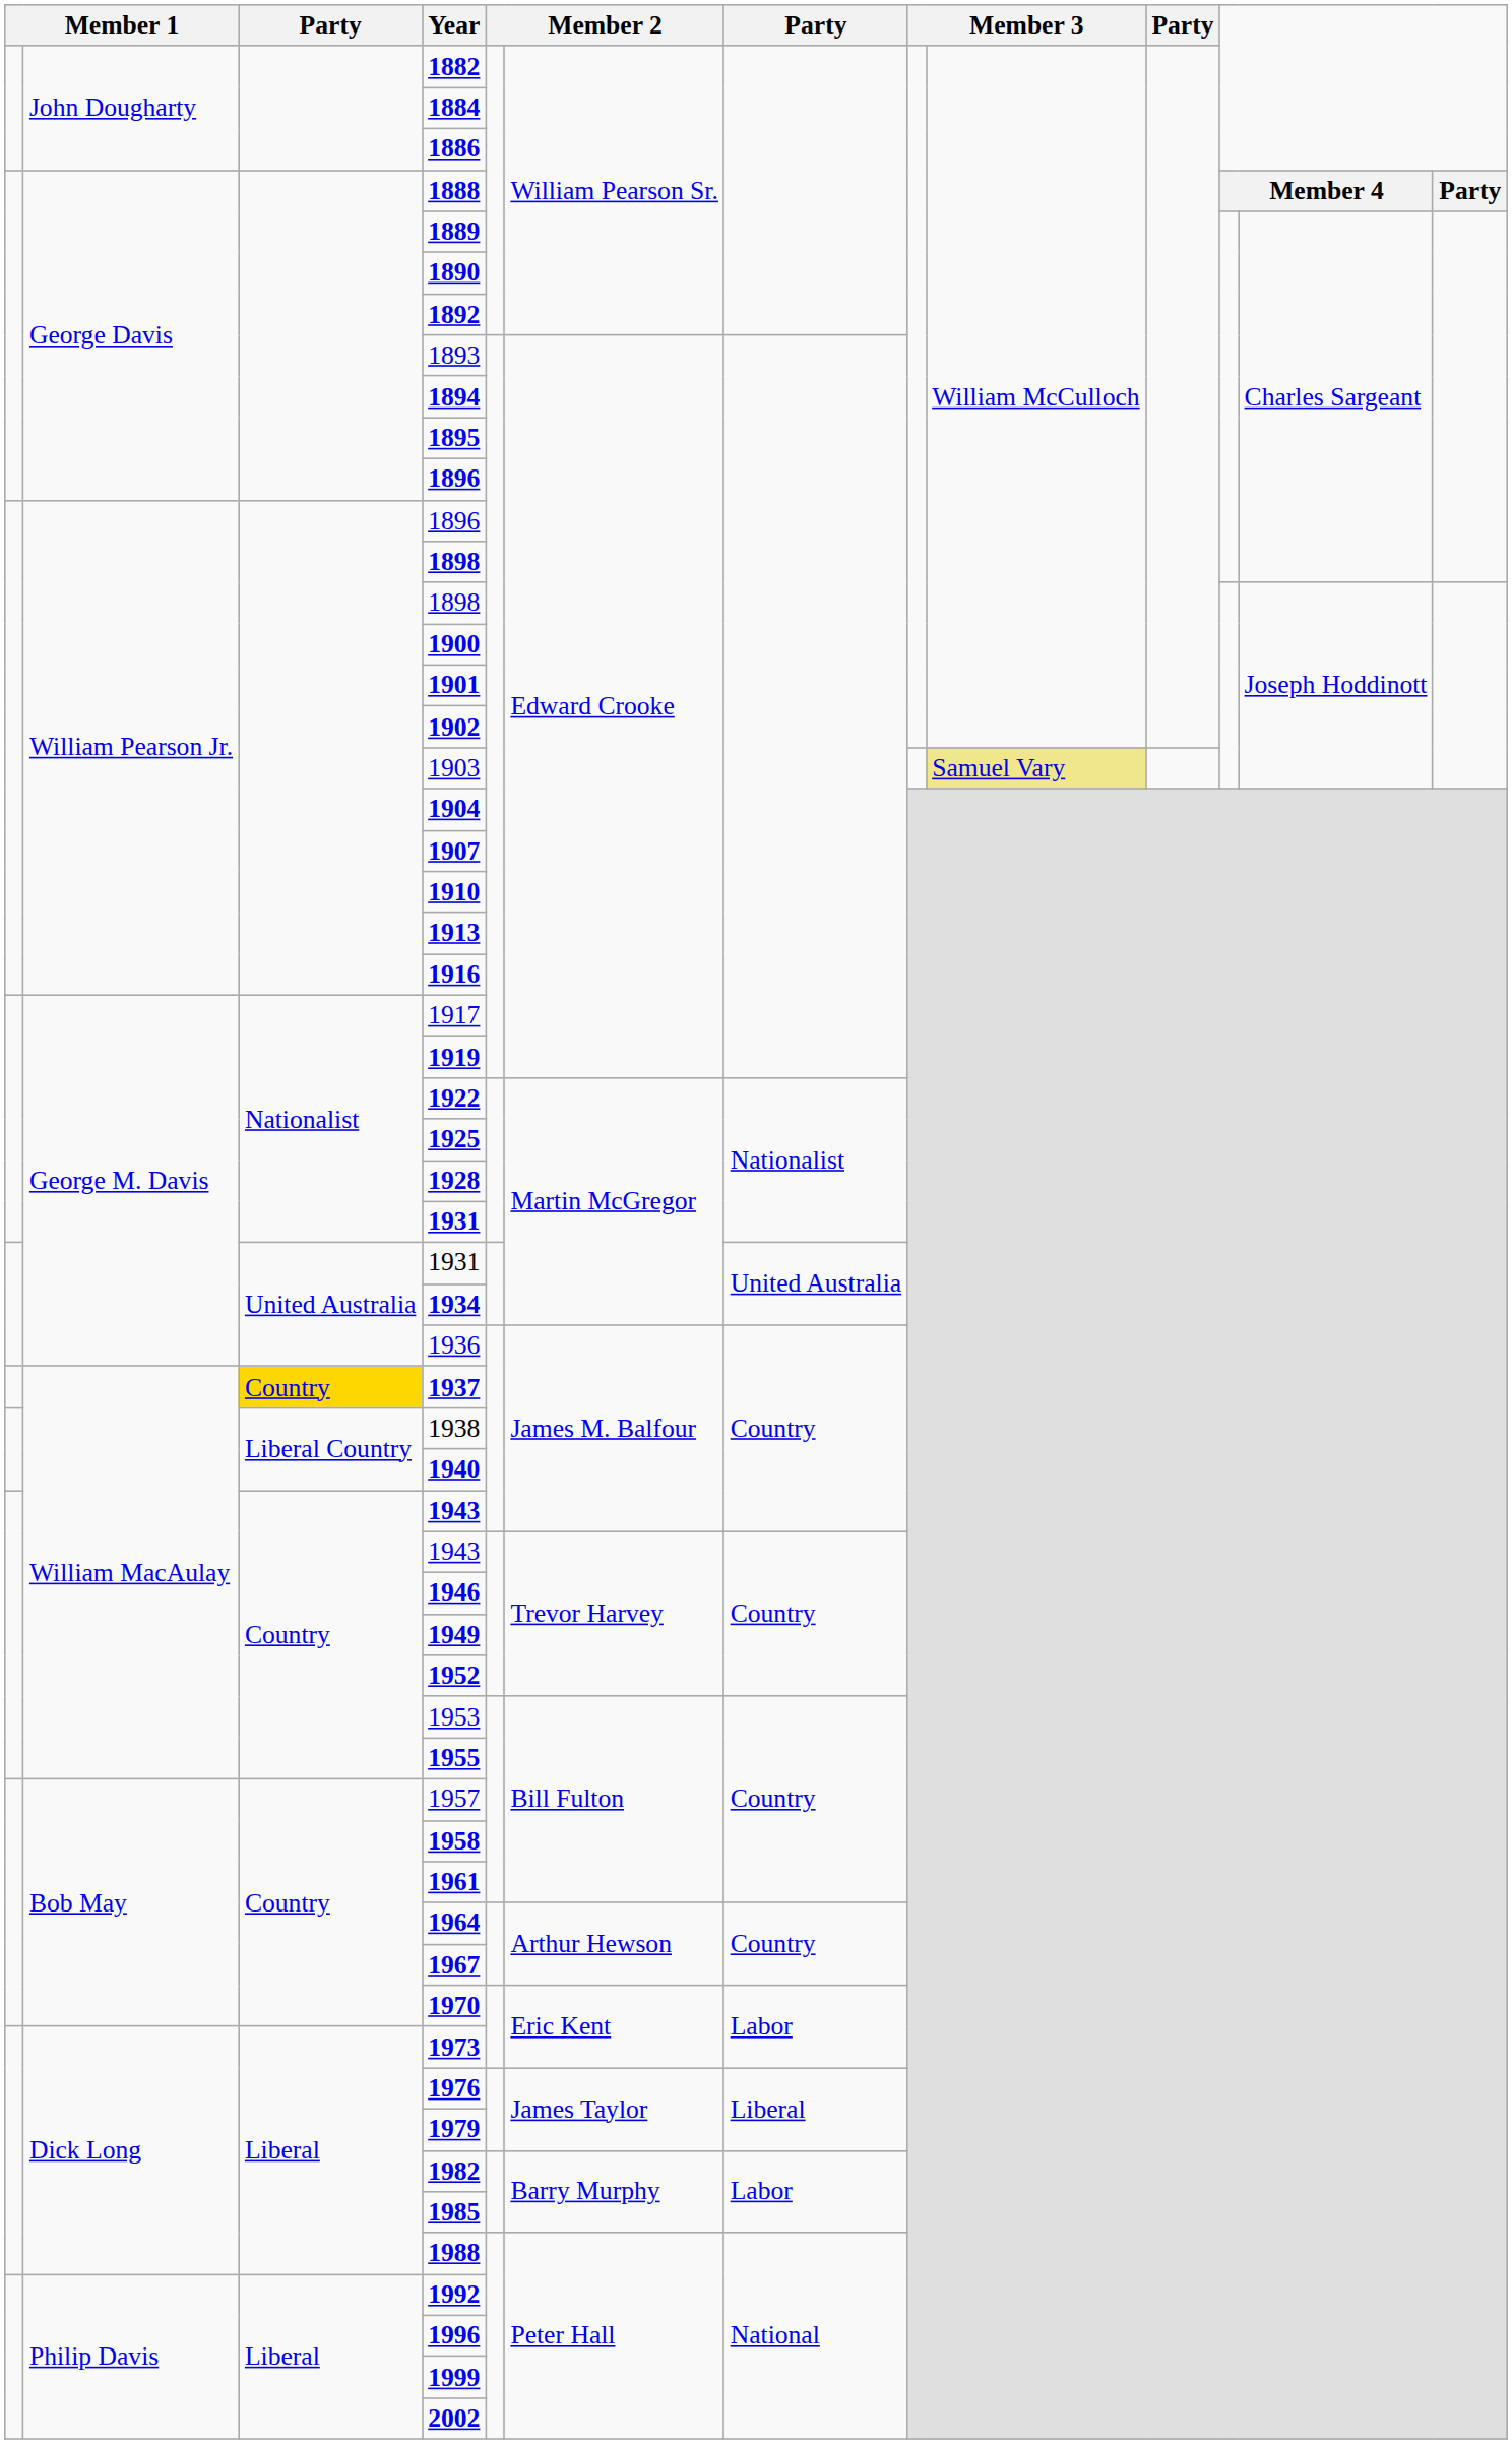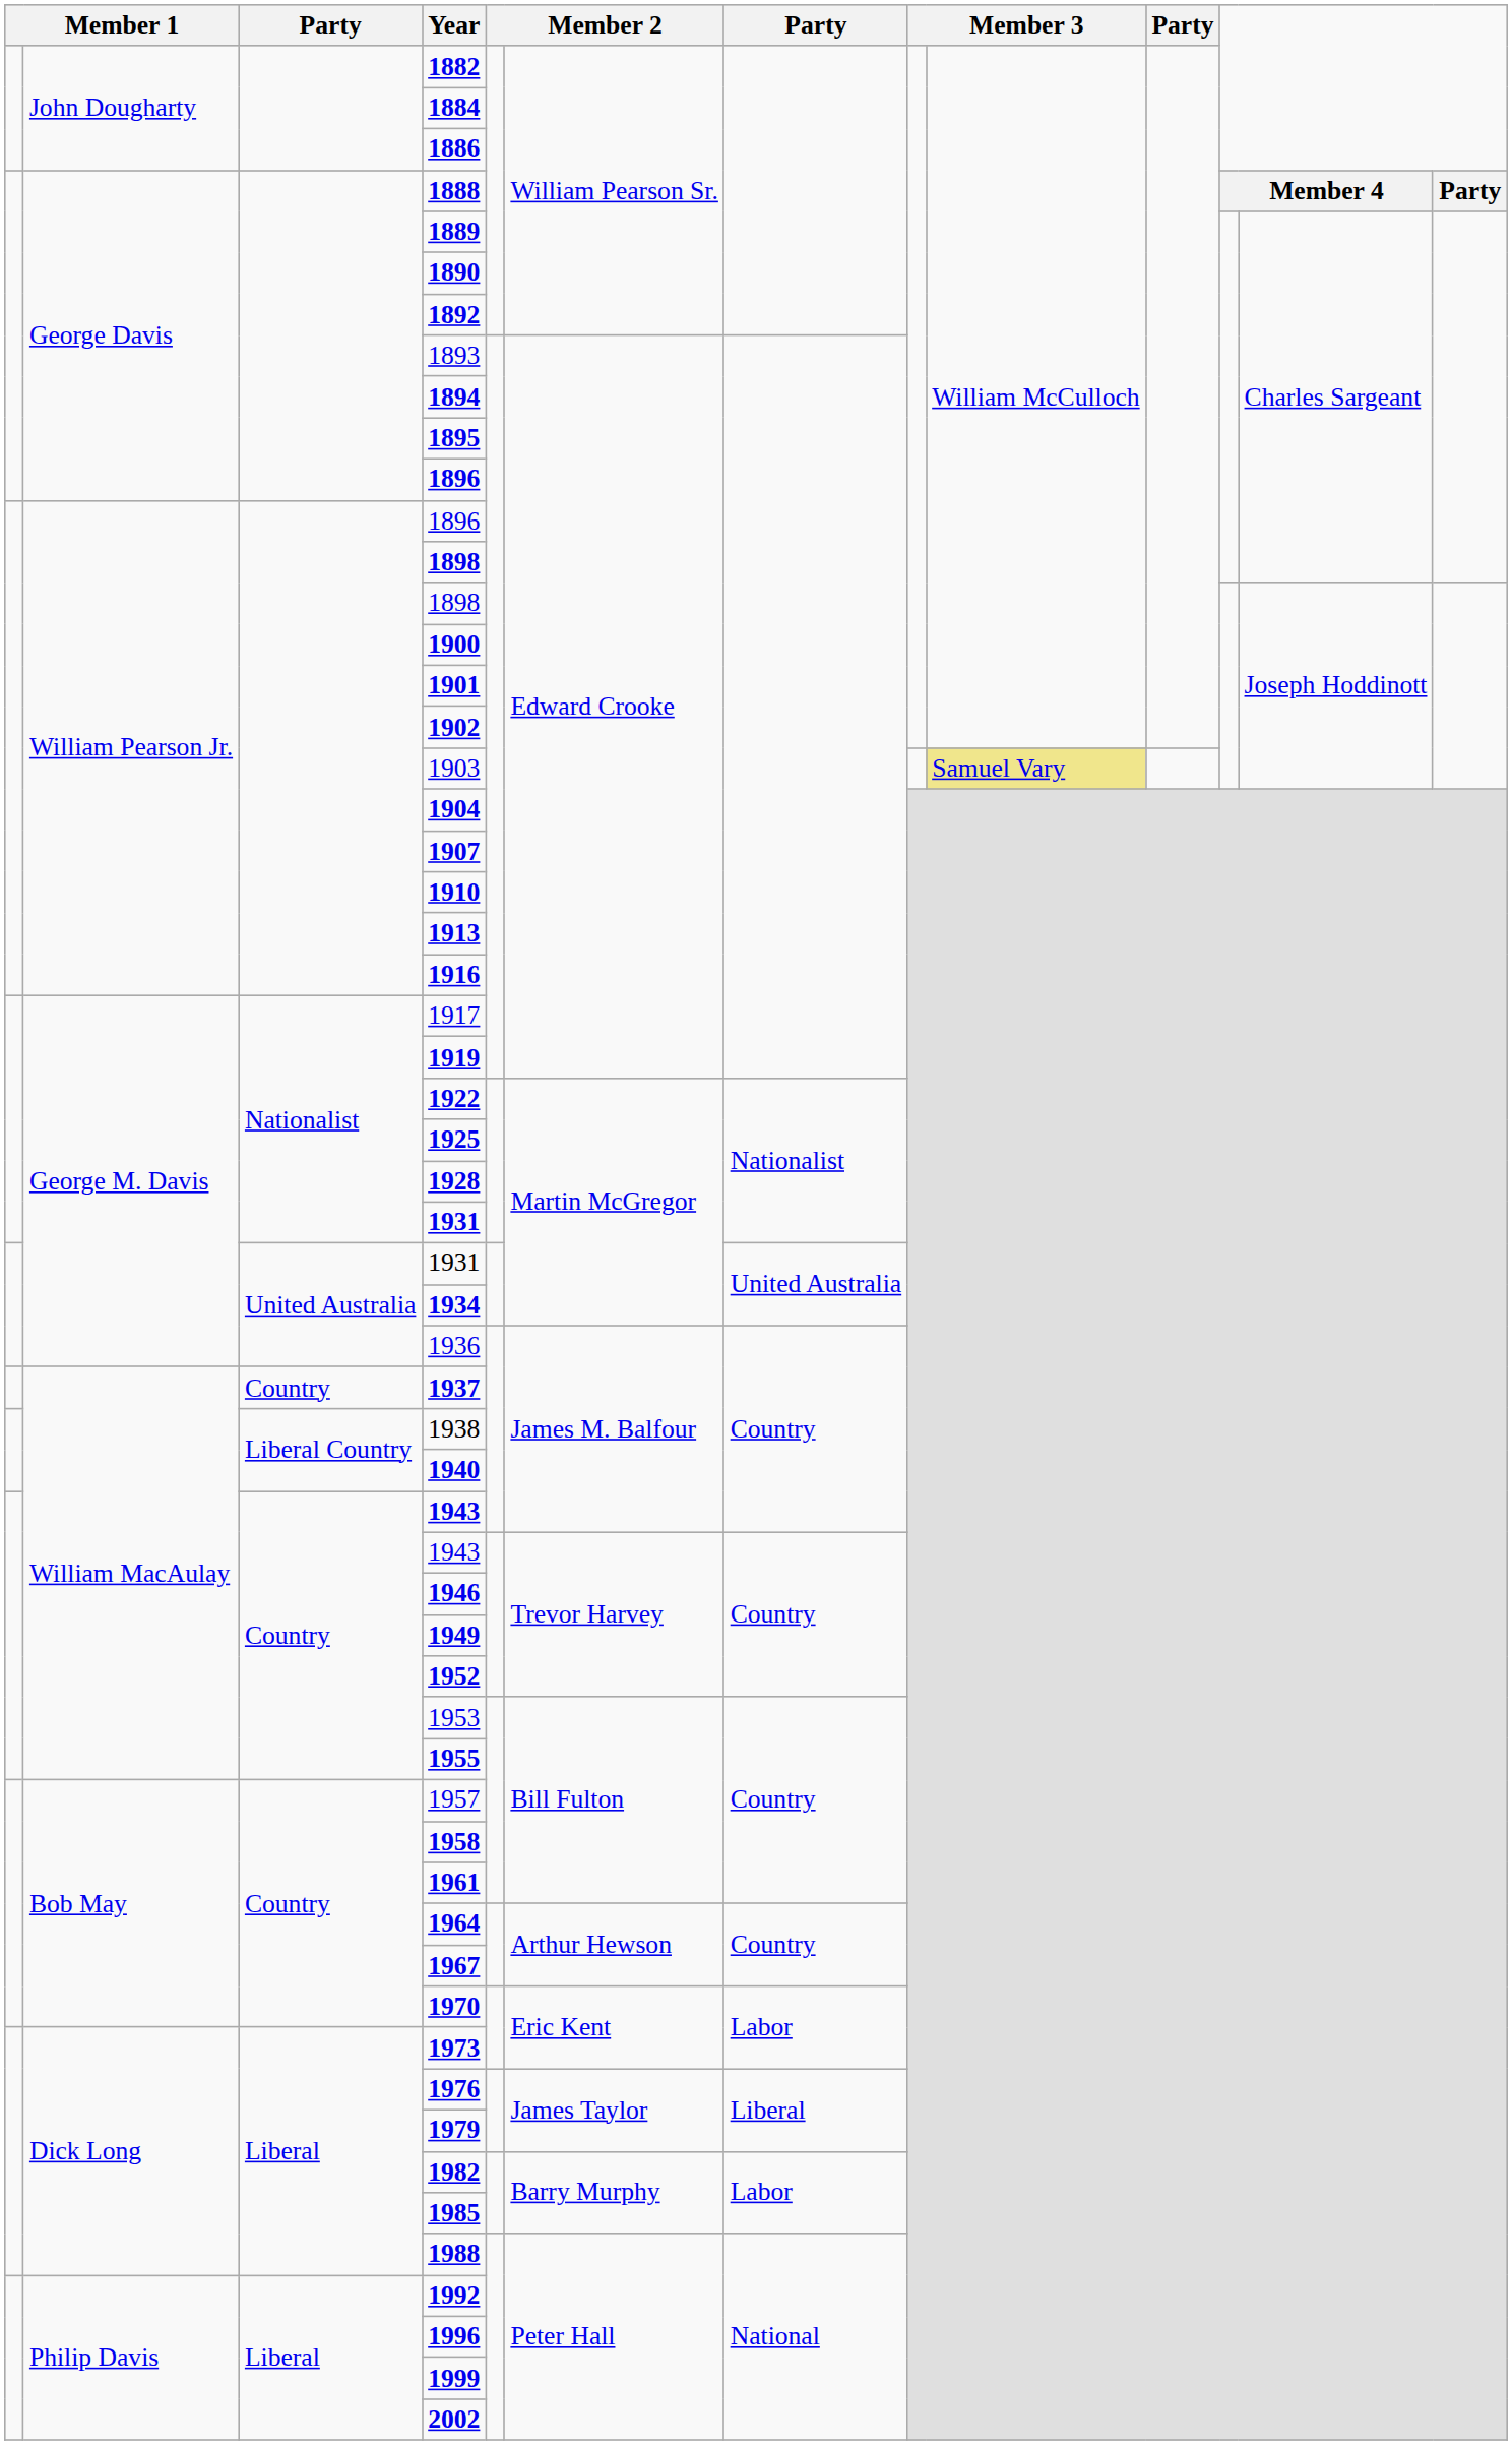 <table class="wikitable">
 <tr>
 <th colspan=2>Member 1</th>
 <th>Party</th>
 <th>Year</th>
 <th colspan=2>Member 2</th>
 <th>Party</th>
 <th colspan=2>Member 3</th>
 <th>Party</th>
 </tr>
 <tr>
 <td rowspan=3 > </td>
 <td rowspan=3><a href='#'>John Dougharty</a></td>
 <td rowspan=3> </td>
 <td><strong><a href='#'>1882</a></strong></td>
 <td rowspan=7 > </td>
 <td rowspan=7><a href='#'>William Pearson Sr.</a></td>
 <td rowspan=7> </td>
 <td rowspan=17 > </td>
 <td rowspan=17><a href='#'>William McCulloch</a></td>
 <td rowspan=17> </td>
 </tr>
 <tr>
 <td><strong><a href='#'>1884</a></strong></td>
 </tr>
 <tr>
 <td><strong><a href='#'>1886</a></strong></td>
 </tr>
 <tr>
 <td rowspan=8 > </td>
 <td rowspan=8><a href='#'>George Davis</a></td>
 <td rowspan=8> </td>
 <td><strong><a href='#'>1888</a></strong></td>
 <th colspan=2>Member 4</th>
 <th>Party</th>
 </tr>
 <tr>
 <td><strong><a href='#'>1889</a></strong></td>
 <td rowspan=9 > </td>
 <td rowspan=9><a href='#'>Charles Sargeant</a></td>
 <td rowspan=9> </td>
 </tr>
 <tr>
 <td><strong><a href='#'>1890</a></strong></td>
 </tr>
 <tr>
 <td><strong><a href='#'>1892</a></strong></td>
 </tr>
 <tr>
 <td><a href='#'>1893</a></td>
 <td rowspan=18 > </td>
 <td rowspan=18><a href='#'>Edward Crooke</a></td>
 <td rowspan=18> </td>
 </tr>
 <tr>
 <td><strong><a href='#'>1894</a></strong></td>
 </tr>
 <tr>
 <td><strong><a href='#'>1895</a></strong></td>
 </tr>
 <tr>
 <td><strong><a href='#'>1896</a></strong></td>
 </tr>
 <tr>
 <td rowspan=12 > </td>
 <td rowspan=12><a href='#'>William Pearson Jr.</a></td>
 <td rowspan=12> </td>
 <td><a href='#'>1896</a></td>
 </tr>
 <tr>
 <td><strong><a href='#'>1898</a></strong></td>
 </tr>
 <tr>
 <td><a href='#'>1898</a></td>
 <td rowspan=5 > </td>
 <td rowspan=5><a href='#'>Joseph Hoddinott</a></td>
 <td rowspan=5> </td>
 </tr>
 <tr>
 <td><strong><a href='#'>1900</a></strong></td>
 </tr>
 <tr>
 <td><strong><a href='#'>1901</a></strong></td>
 </tr>
 <tr>
 <td><strong><a href='#'>1902</a></strong></td>
 </tr>
 <tr>
 <td><a href='#'>1903</a></td>
 <td> </td>
 <td style="background: khaki;"><a href='#'>Samuel Vary</a></td>
 <td> </td>
 </tr>
 <tr>
 <td><strong><a href='#'>1904</a></strong></td>
 <td rowspan=40 colspan=6  bgcolor=#DFDFDF> </td>
 </tr>
 <tr>
 <td><strong><a href='#'>1907</a></strong></td>
 </tr>
 <tr>
 <td><strong><a href='#'>1910</a></strong></td>
 </tr>
 <tr>
 <td><strong><a href='#'>1913</a></strong></td>
 </tr>
 <tr>
 <td><strong><a href='#'>1916</a></strong></td>
 </tr>
 <tr>
 <td rowspan=6 > </td>
 <td rowspan=9><a href='#'>George M. Davis</a></td>
 <td rowspan=6><a href='#'>Nationalist</a></td>
 <td><a href='#'>1917</a></td>
 </tr>
 <tr>
 <td><strong><a href='#'>1919</a></strong></td>
 </tr>
 <tr>
 <td><strong><a href='#'>1922</a></strong></td>
 <td rowspan=4 > </td>
 <td rowspan=6><a href='#'>Martin McGregor</a></td>
 <td rowspan=4><a href='#'>Nationalist</a></td>
 </tr>
 <tr>
 <td><strong><a href='#'>1925</a></strong></td>
 </tr>
 <tr>
 <td><strong><a href='#'>1928</a></strong></td>
 </tr>
 <tr>
 <td><strong><a href='#'>1931</a></strong></td>
 </tr>
 <tr>
 <td rowspan=3 > </td>
 <td rowspan=3><a href='#'>United Australia</a></td>
 <td>1931</td>
 <td rowspan=2 > </td>
 <td rowspan=2><a href='#'>United Australia</a></td>
 </tr>
 <tr>
 <td><strong><a href='#'>1934</a></strong></td>
 </tr>
 <tr>
 <td><a href='#'>1936</a></td>
 <td rowspan=5 > </td>
 <td rowspan=5><a href='#'>James M. Balfour</a></td>
 <td rowspan=5><a href='#'>Country</a></td>
 </tr>
 <tr>
 <td> </td>
 <td rowspan=10><a href='#'>William MacAulay</a></td>
-<td style="background: gold;"><a href='#'>Country</a></td>
+<td><a href='#'>Country</a></td>
 <td><strong><a href='#'>1937</a></strong></td>
 </tr>
 <tr>
 <td rowspan=2 > </td>
 <td rowspan=2><a href='#'>Liberal Country</a></td>
 <td>1938</td>
 </tr>
 <tr>
 <td><strong><a href='#'>1940</a></strong></td>
 </tr>
 <tr>
 <td rowspan=7 > </td>
 <td rowspan=7><a href='#'>Country</a></td>
 <td><strong><a href='#'>1943</a></strong></td>
 </tr>
 <tr>
 <td><a href='#'>1943</a></td>
 <td rowspan=4 > </td>
 <td rowspan=4><a href='#'>Trevor Harvey</a></td>
 <td rowspan=4><a href='#'>Country</a></td>
 </tr>
 <tr>
 <td><strong><a href='#'>1946</a></strong></td>
 </tr>
 <tr>
 <td><strong><a href='#'>1949</a></strong></td>
 </tr>
 <tr>
 <td><strong><a href='#'>1952</a></strong></td>
 </tr>
 <tr>
 <td><a href='#'>1953</a></td>
 <td rowspan=5 > </td>
 <td rowspan=5><a href='#'>Bill Fulton</a></td>
 <td rowspan=5><a href='#'>Country</a></td>
 </tr>
 <tr>
 <td><strong><a href='#'>1955</a></strong></td>
 </tr>
 <tr>
 <td rowspan=6 > </td>
 <td rowspan=6><a href='#'>Bob May</a></td>
 <td rowspan=6><a href='#'>Country</a></td>
 <td><a href='#'>1957</a></td>
 </tr>
 <tr>
 <td><strong><a href='#'>1958</a></strong></td>
 </tr>
 <tr>
 <td><strong><a href='#'>1961</a></strong></td>
 </tr>
 <tr>
 <td><strong><a href='#'>1964</a></strong></td>
 <td rowspan=2 > </td>
 <td rowspan=2><a href='#'>Arthur Hewson</a></td>
 <td rowspan=2><a href='#'>Country</a></td>
 </tr>
 <tr>
 <td><strong><a href='#'>1967</a></strong></td>
 </tr>
 <tr>
 <td><strong><a href='#'>1970</a></strong></td>
 <td rowspan=2 > </td>
 <td rowspan=2><a href='#'>Eric Kent</a></td>
 <td rowspan=2><a href='#'>Labor</a></td>
 </tr>
 <tr>
 <td rowspan=6 > </td>
 <td rowspan=6><a href='#'>Dick Long</a></td>
 <td rowspan=6><a href='#'>Liberal</a></td>
 <td><strong><a href='#'>1973</a></strong></td>
 </tr>
 <tr>
 <td><strong><a href='#'>1976</a></strong></td>
 <td rowspan=2 > </td>
 <td rowspan=2><a href='#'>James Taylor</a></td>
 <td rowspan=2><a href='#'>Liberal</a></td>
 </tr>
 <tr>
 <td><strong><a href='#'>1979</a></strong></td>
 </tr>
 <tr>
 <td><strong><a href='#'>1982</a></strong></td>
 <td rowspan=2 > </td>
 <td rowspan=2><a href='#'>Barry Murphy</a></td>
 <td rowspan=2><a href='#'>Labor</a></td>
 </tr>
 <tr>
 <td><strong><a href='#'>1985</a></strong></td>
 </tr>
 <tr>
 <td><strong><a href='#'>1988</a></strong></td>
 <td rowspan=5 > </td>
 <td rowspan=5><a href='#'>Peter Hall</a></td>
 <td rowspan=5><a href='#'>National</a></td>
 </tr>
 <tr>
 <td rowspan=4 > </td>
 <td rowspan=4><a href='#'>Philip Davis</a></td>
 <td rowspan=4><a href='#'>Liberal</a></td>
 <td><strong><a href='#'>1992</a></strong></td>
 </tr>
 <tr>
 <td><strong><a href='#'>1996</a></strong></td>
 </tr>
 <tr>
 <td><strong><a href='#'>1999</a></strong></td>
 </tr>
 <tr>
 <td><strong><a href='#'>2002</a></strong></td>
 </tr>
 </table>
